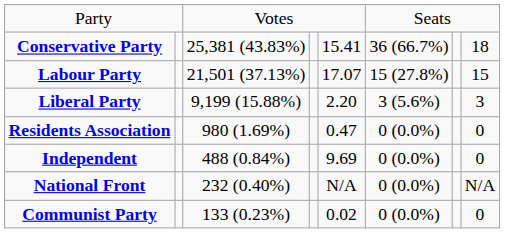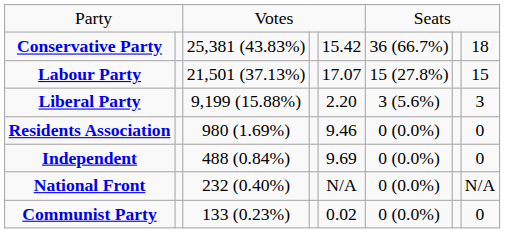 <table class=wikitable style="text-align:center;">
 <tr>
 <td colspan=2>Party</td>
 <td colspan=3>Votes</td>
 <td colspan=3>Seats</td>
 </tr>
 <tr>
 <td><strong><a href='#'>Conservative Party</a></strong></td>
 <td style="background:"></td>
 <td>25,381 (43.83%)</td>
 <td></td>
-<td> 15.41</td>
+<td> 15.42</td>
 <td>36 (66.7%)</td>
 <td></td>
 <td> 18</td>
 </tr>
 <tr>
 <td><strong><a href='#'>Labour Party</a></strong></td>
 <td style="background:"></td>
 <td>21,501 (37.13%)</td>
 <td></td>
 <td> 17.07</td>
 <td>15 (27.8%)</td>
 <td></td>
 <td> 15</td>
 </tr>
 <tr>
 <td><strong><a href='#'>Liberal Party</a></strong></td>
 <td style="background:"></td>
 <td>9,199 (15.88%)</td>
 <td></td>
 <td> 2.20</td>
 <td>3  (5.6%)</td>
 <td></td>
 <td> 3</td>
 </tr>
 <tr>
 <td><strong><a href='#'>Residents Association</a></strong></td>
 <td style="background:"></td>
 <td>980 (1.69%)</td>
 <td></td>
-<td> 0.47</td>
+<td> 9.46</td>
 <td>0 (0.0%)</td>
 <td></td>
 <td> 0</td>
 </tr>
 <tr>
 <td><strong><a href='#'>Independent</a></strong></td>
 <td style="background:"></td>
 <td>488 (0.84%)</td>
 <td></td>
 <td> 9.69</td>
 <td>0  (0.0%)</td>
 <td></td>
 <td> 0</td>
 </tr>
 <tr>
 <td><strong><a href='#'>National Front</a></strong></td>
 <td style="background:"></td>
 <td>232 (0.40%)</td>
 <td></td>
 <td>N/A</td>
 <td>0  (0.0%)</td>
 <td></td>
 <td>N/A</td>
 </tr>
 <tr>
 <td><strong><a href='#'>Communist Party</a></strong></td>
 <td style="background:"></td>
 <td>133 (0.23%)</td>
 <td></td>
 <td> 0.02</td>
 <td>0  (0.0%)</td>
 <td></td>
 <td> 0</td>
 </tr>
 </table>
